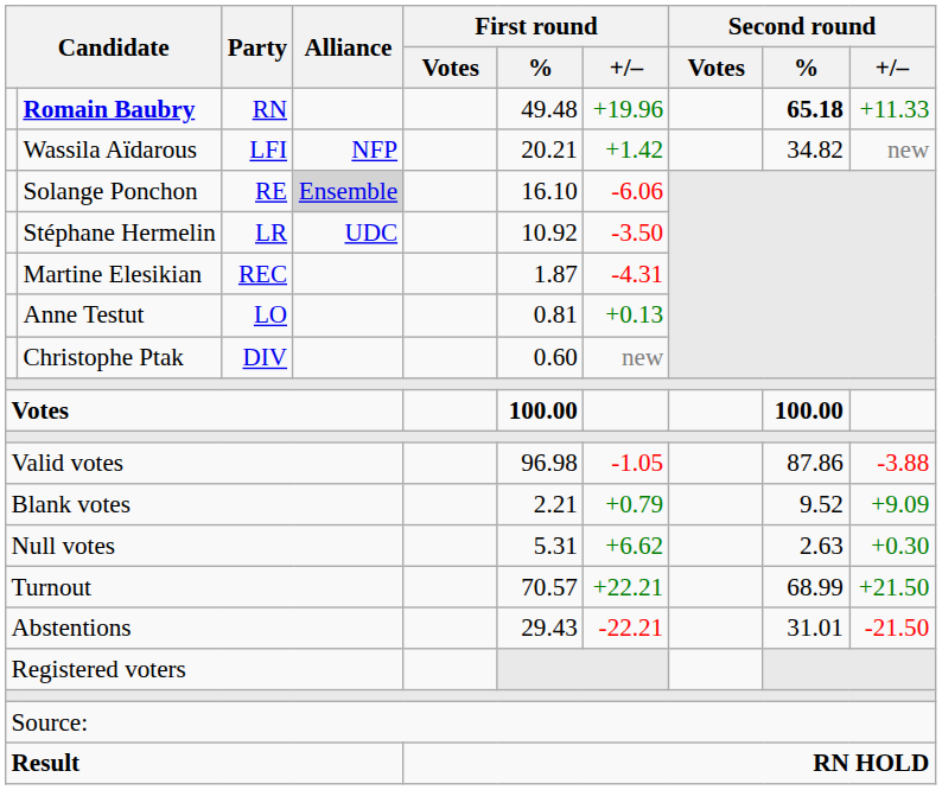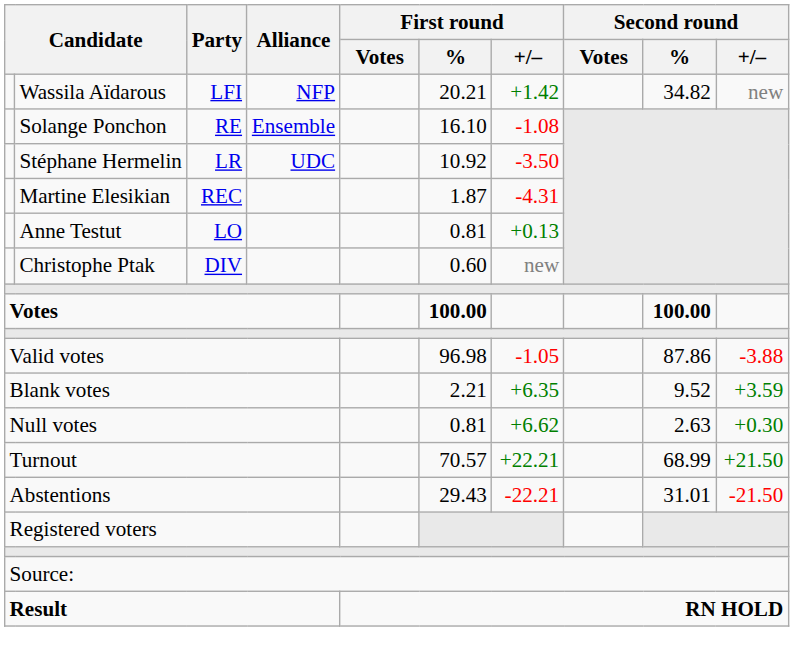 <table class="wikitable" style="text-align:right;font-size:95%;">
 <tr>
 <th rowspan="2" colspan="2">Candidate</th>
 <th colspan="1" rowspan="2">Party</th>
 <th colspan="1" rowspan="2">Alliance</th>
 <th colspan="3">First round</th>
 <th colspan="3">Second round</th>
 </tr>
 <tr>
 <th style="width:50px;">Votes</th>
 <th style="width:45px;">%</th>
 <th style="width:45px;">+/–</th>
 <th style="width:50px;">Votes</th>
 <th style="width:45px;">%</th>
 <th style="width:45px;">+/–</th>
 </tr>
 <tr>
 <td style="color:inherit;background:"></td>
-<td style="text-align:left;"><strong><a href='#'>Romain Baubry</a></strong></td>
-<td><a href='#'>RN</a></td>
-<td></td>
-<td></td>
-<td>49.48</td>
-<td style="color:green;">+19.96</td>
-<td><strong></strong></td>
-<td><strong>65.18</strong></td>
-<td style="color:green;">+11.33</td>
-</tr>
-<tr>
-<td style="color:inherit;background:"></td>
 <td style="text-align:left;">Wassila Aïdarous</td>
 <td><a href='#'>LFI</a></td>
 <td><a href='#'>NFP</a></td>
 <td></td>
 <td>20.21</td>
 <td style="color:green;">+1.42</td>
 <td></td>
 <td>34.82</td>
 <td style="color:grey;">new</td>
 </tr>
 <tr>
 <td style="color:inherit;background:"></td>
 <td style="text-align:left;">Solange Ponchon</td>
 <td><a href='#'>RE</a></td>
-<td style="background: lightgrey;"><a href='#'>Ensemble</a></td>
+<td><a href='#'>Ensemble</a></td>
 <td></td>
 <td>16.10</td>
-<td style="color:red;">-6.06</td>
+<td style="color:red;">-1.08</td>
 <td colspan="3" rowspan="5" style="background:#E9E9E9;"></td>
 </tr>
 <tr>
 <td style="color:inherit;background:"></td>
 <td style="text-align:left;">Stéphane Hermelin</td>
 <td><a href='#'>LR</a></td>
 <td><a href='#'>UDC</a></td>
 <td></td>
 <td>10.92</td>
 <td style="color:red;">-3.50</td>
 </tr>
 <tr>
 <td style="color:inherit;background:"></td>
 <td style="text-align:left;">Martine Elesikian</td>
 <td><a href='#'>REC</a></td>
 <td></td>
 <td></td>
 <td>1.87</td>
 <td style="color:red;">-4.31</td>
 </tr>
 <tr>
 <td style="color:inherit;background:"></td>
 <td style="text-align:left;">Anne Testut</td>
 <td><a href='#'>LO</a></td>
 <td></td>
 <td></td>
 <td>0.81</td>
 <td style="color:green;">+0.13</td>
 </tr>
 <tr>
 <td style="color:inherit;background:"></td>
 <td style="text-align:left;">Christophe Ptak</td>
 <td><a href='#'>DIV</a></td>
 <td></td>
 <td></td>
 <td>0.60</td>
 <td style="color:grey;">new</td>
 </tr>
 <tr>
 <td colspan="10" style="background:#E9E9E9;"></td>
 </tr>
 <tr style="font-weight:bold;">
 <td colspan="4" style="text-align:left;">Votes</td>
 <td></td>
 <td>100.00</td>
 <td></td>
 <td></td>
 <td>100.00</td>
 <td></td>
 </tr>
 <tr>
 <td colspan="10" style="background:#E9E9E9;"></td>
 </tr>
 <tr>
 <td colspan="4" style="text-align:left;">Valid votes</td>
 <td></td>
 <td>96.98</td>
 <td style="color:red;">-1.05</td>
 <td></td>
 <td>87.86</td>
 <td style="color:red;">-3.88</td>
 </tr>
 <tr>
 <td colspan="4" style="text-align:left;">Blank votes</td>
 <td></td>
 <td>2.21</td>
-<td style="color:green;">+0.79</td>
+<td style="color:green;">+6.35</td>
 <td></td>
 <td>9.52</td>
-<td style="color:green;">+9.09</td>
+<td style="color:green;">+3.59</td>
 </tr>
 <tr>
 <td colspan="4" style="text-align:left;">Null votes</td>
 <td></td>
-<td>5.31</td>
+<td>0.81</td>
 <td style="color:green;">+6.62</td>
 <td></td>
 <td>2.63</td>
 <td style="color:green;">+0.30</td>
 </tr>
 <tr>
 <td colspan="4" style="text-align:left;">Turnout</td>
 <td></td>
 <td>70.57</td>
 <td style="color:green;">+22.21</td>
 <td></td>
 <td>68.99</td>
 <td style="color:green;">+21.50</td>
 </tr>
 <tr>
 <td colspan="4" style="text-align:left;">Abstentions</td>
 <td></td>
 <td>29.43</td>
 <td style="color:red;">-22.21</td>
 <td></td>
 <td>31.01</td>
 <td style="color:red;">-21.50</td>
 </tr>
 <tr>
 <td colspan="4" style="text-align:left;">Registered voters</td>
 <td></td>
 <td colspan="2" style="background:#E9E9E9;"></td>
 <td></td>
 <td colspan="2" style="background:#E9E9E9;"></td>
 </tr>
 <tr>
 <td colspan="10" style="background:#E9E9E9;"></td>
 </tr>
 <tr>
 <td colspan="10" style="text-align:left;">Source: </td>
 </tr>
 <tr style="font-weight:bold">
 <td colspan="4" style="text-align:left;">Result</td>
 <td colspan="6" style="background-color:">RN HOLD</td>
 </tr>
 </table>
